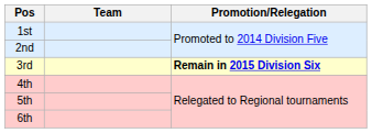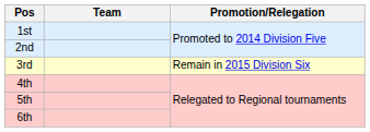 <table class="wikitable">
 <tr>
 <th width=50>Pos</th>
 <th width=175>Team</th>
 <th width=275>Promotion/Relegation</th>
 </tr>
 <tr style="background:#ddeeff">
 <td align="center">1st</td>
 <td></td>
 <td rowspan=2>Promoted to <a href='#'>2014 Division Five</a></td>
 </tr>
 <tr style="background:#ddeeff">
 <td align="center">2nd</td>
 <td></td>
 </tr>
 <tr style="background: #ffffcc;">
 <td align="center">3rd</td>
 <td></td>
-<td><strong>Remain in <a href='#'>2015 Division Six</a></strong></td>
+<td>Remain in <a href='#'>2015 Division Six</a></td>
 </tr>
 <tr style="background: #ffcccc;">
 <td align="center">4th</td>
 <td></td>
 <td rowspan=3>Relegated to Regional tournaments</td>
 </tr>
 <tr style="background:#ffcccc;">
 <td align="center">5th</td>
 <td></td>
 </tr>
 <tr style="background:#ffcccc;">
 <td align="center">6th</td>
 <td></td>
 </tr>
 </table>
